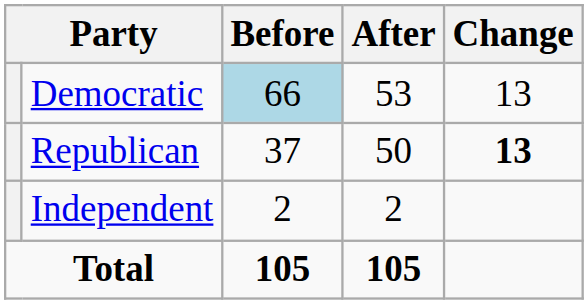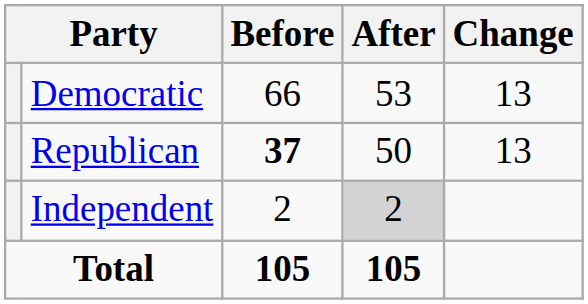 <table class="wikitable" style="text-align:center;">
 <tr>
 <th colspan="2">Party</th>
 <th>Before</th>
 <th>After</th>
 <th>Change</th>
 </tr>
 <tr>
 <th style="background-color:"></th>
 <td style="text-align:left;"><a href='#'>Democratic</a></td>
-<td style="background: lightblue;">66</td>
+<td>66</td>
 <td>53</td>
 <td> 13</td>
 </tr>
 <tr>
 <th style="background-color:"></th>
 <td style="text-align:left;"><a href='#'>Republican</a></td>
-<td>37</td>
+<td><strong>37</strong></td>
 <td>50</td>
-<td><strong> 13</strong></td>
+<td> 13</td>
 </tr>
 <tr>
 <th style="background-color:"></th>
 <td style="text-align:left;"><a href='#'>Independent</a></td>
 <td>2</td>
-<td>2</td>
+<td style="background: lightgrey;">2</td>
 <td></td>
 </tr>
 <tr>
 <td colspan="2"><strong>Total</strong></td>
 <td><strong>105</strong></td>
 <td><strong>105</strong></td>
 </tr>
 </table>
